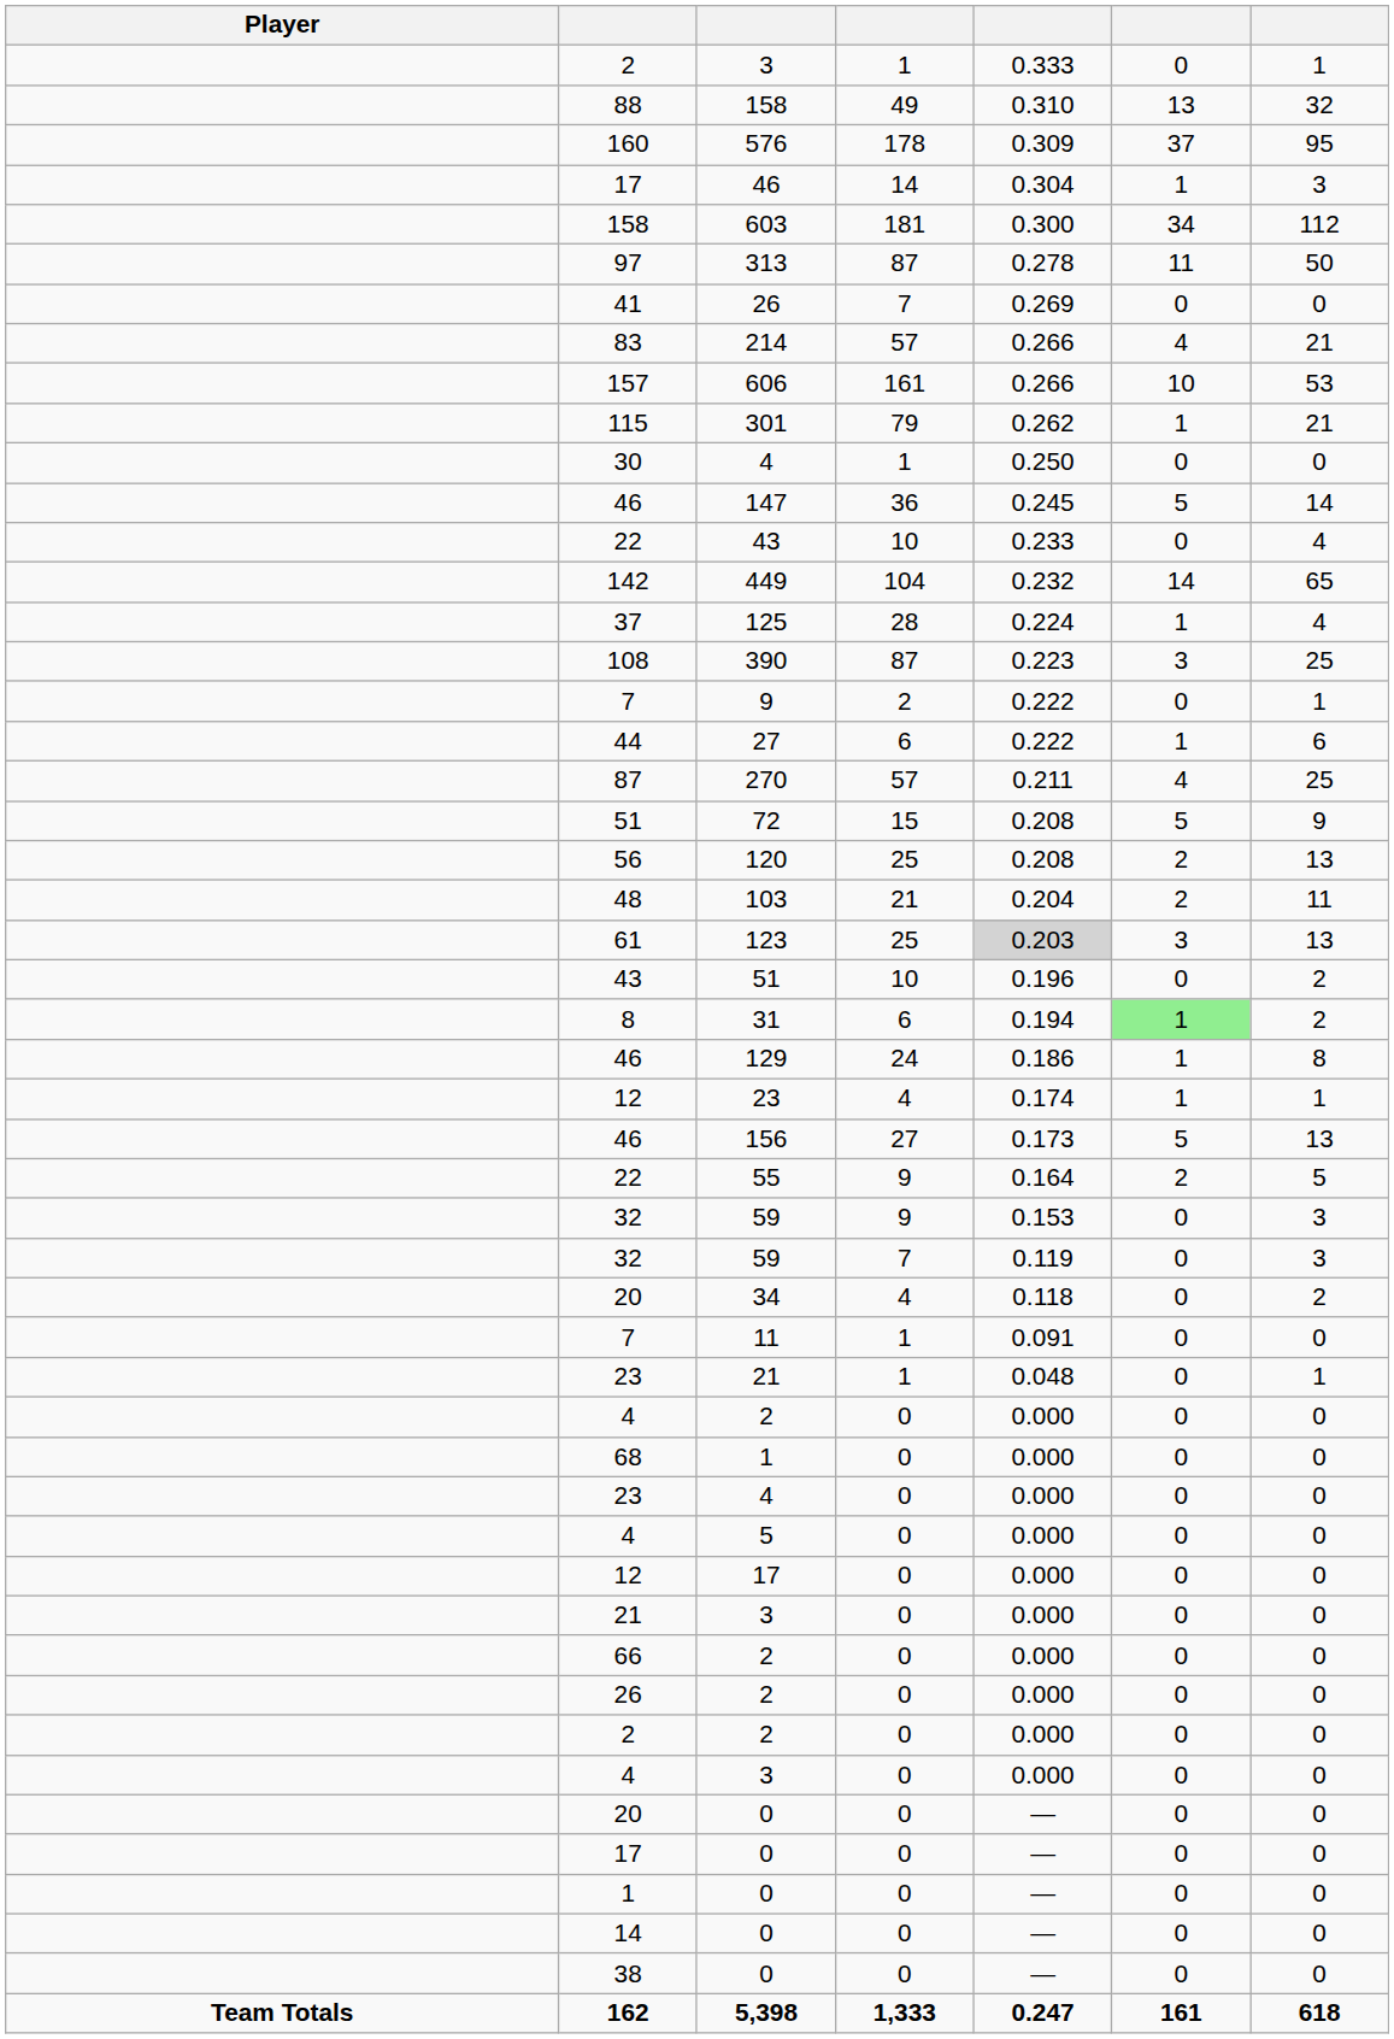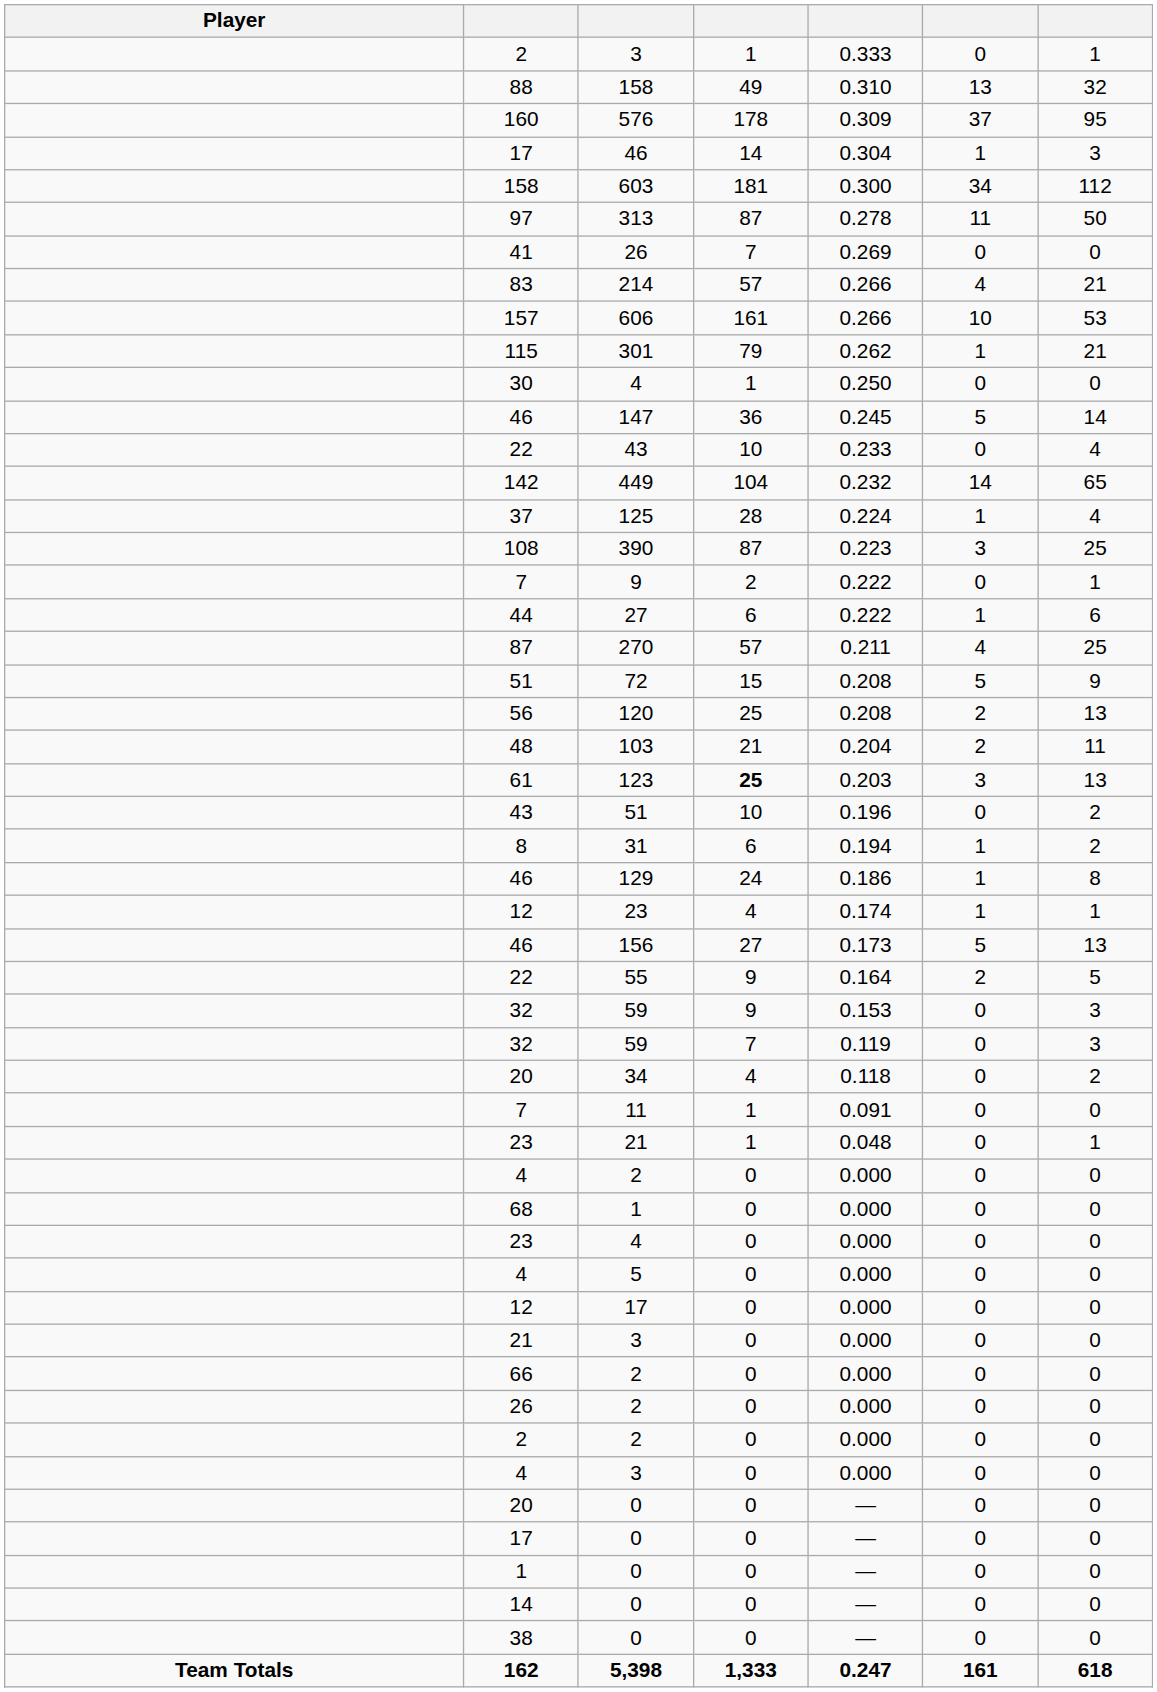 <table class="wikitable sortable" style="text-align:center;" width="100%">
 <tr>
 <th width="40%">Player</th>
 <th width="10%"></th>
 <th width="10%"></th>
 <th width="10%"></th>
 <th width="10%"></th>
 <th width="10%"></th>
 <th width="10%"></th>
 </tr>
 <tr>
 <td></td>
 <td>2</td>
 <td>3</td>
 <td>1</td>
 <td>0.333</td>
 <td>0</td>
 <td>1</td>
 </tr>
 <tr>
 <td></td>
 <td>88</td>
 <td>158</td>
 <td>49</td>
 <td>0.310</td>
 <td>13</td>
 <td>32</td>
 </tr>
 <tr>
 <td></td>
 <td>160</td>
 <td>576</td>
 <td>178</td>
 <td>0.309</td>
 <td>37</td>
 <td>95</td>
 </tr>
 <tr>
 <td></td>
 <td>17</td>
 <td>46</td>
 <td>14</td>
 <td>0.304</td>
 <td>1</td>
 <td>3</td>
 </tr>
 <tr>
 <td></td>
 <td>158</td>
 <td>603</td>
 <td>181</td>
 <td>0.300</td>
 <td>34</td>
 <td>112</td>
 </tr>
 <tr>
 <td></td>
 <td>97</td>
 <td>313</td>
 <td>87</td>
 <td>0.278</td>
 <td>11</td>
 <td>50</td>
 </tr>
 <tr>
 <td></td>
 <td>41</td>
 <td>26</td>
 <td>7</td>
 <td>0.269</td>
 <td>0</td>
 <td>0</td>
 </tr>
 <tr>
 <td></td>
 <td>83</td>
 <td>214</td>
 <td>57</td>
 <td>0.266</td>
 <td>4</td>
 <td>21</td>
 </tr>
 <tr>
 <td></td>
 <td>157</td>
 <td>606</td>
 <td>161</td>
 <td>0.266</td>
 <td>10</td>
 <td>53</td>
 </tr>
 <tr>
 <td></td>
 <td>115</td>
 <td>301</td>
 <td>79</td>
 <td>0.262</td>
 <td>1</td>
 <td>21</td>
 </tr>
 <tr>
 <td></td>
 <td>30</td>
 <td>4</td>
 <td>1</td>
 <td>0.250</td>
 <td>0</td>
 <td>0</td>
 </tr>
 <tr>
 <td></td>
 <td>46</td>
 <td>147</td>
 <td>36</td>
 <td>0.245</td>
 <td>5</td>
 <td>14</td>
 </tr>
 <tr>
 <td></td>
 <td>22</td>
 <td>43</td>
 <td>10</td>
 <td>0.233</td>
 <td>0</td>
 <td>4</td>
 </tr>
 <tr>
 <td></td>
 <td>142</td>
 <td>449</td>
 <td>104</td>
 <td>0.232</td>
 <td>14</td>
 <td>65</td>
 </tr>
 <tr>
 <td></td>
 <td>37</td>
 <td>125</td>
 <td>28</td>
 <td>0.224</td>
 <td>1</td>
 <td>4</td>
 </tr>
 <tr>
 <td></td>
 <td>108</td>
 <td>390</td>
 <td>87</td>
 <td>0.223</td>
 <td>3</td>
 <td>25</td>
 </tr>
 <tr>
 <td></td>
 <td>7</td>
 <td>9</td>
 <td>2</td>
 <td>0.222</td>
 <td>0</td>
 <td>1</td>
 </tr>
 <tr>
 <td></td>
 <td>44</td>
 <td>27</td>
 <td>6</td>
 <td>0.222</td>
 <td>1</td>
 <td>6</td>
 </tr>
 <tr>
 <td></td>
 <td>87</td>
 <td>270</td>
 <td>57</td>
 <td>0.211</td>
 <td>4</td>
 <td>25</td>
 </tr>
 <tr>
 <td></td>
 <td>51</td>
 <td>72</td>
 <td>15</td>
 <td>0.208</td>
 <td>5</td>
 <td>9</td>
 </tr>
 <tr>
 <td></td>
 <td>56</td>
 <td>120</td>
 <td>25</td>
 <td>0.208</td>
 <td>2</td>
 <td>13</td>
 </tr>
 <tr>
 <td></td>
 <td>48</td>
 <td>103</td>
 <td>21</td>
 <td>0.204</td>
 <td>2</td>
 <td>11</td>
 </tr>
 <tr>
 <td></td>
 <td>61</td>
 <td>123</td>
-<td>25</td>
-<td style="background: lightgrey;">0.203</td>
+<td><strong>25</strong></td>
+<td>0.203</td>
 <td>3</td>
 <td>13</td>
 </tr>
 <tr>
 <td></td>
 <td>43</td>
 <td>51</td>
 <td>10</td>
 <td>0.196</td>
 <td>0</td>
 <td>2</td>
 </tr>
 <tr>
 <td></td>
 <td>8</td>
 <td>31</td>
 <td>6</td>
 <td>0.194</td>
-<td style="background: lightgreen;">1</td>
+<td>1</td>
 <td>2</td>
 </tr>
 <tr>
 <td></td>
 <td>46</td>
 <td>129</td>
 <td>24</td>
 <td>0.186</td>
 <td>1</td>
 <td>8</td>
 </tr>
 <tr>
 <td></td>
 <td>12</td>
 <td>23</td>
 <td>4</td>
 <td>0.174</td>
 <td>1</td>
 <td>1</td>
 </tr>
 <tr>
 <td></td>
 <td>46</td>
 <td>156</td>
 <td>27</td>
 <td>0.173</td>
 <td>5</td>
 <td>13</td>
 </tr>
 <tr>
 <td></td>
 <td>22</td>
 <td>55</td>
 <td>9</td>
 <td>0.164</td>
 <td>2</td>
 <td>5</td>
 </tr>
 <tr>
 <td></td>
 <td>32</td>
 <td>59</td>
 <td>9</td>
 <td>0.153</td>
 <td>0</td>
 <td>3</td>
 </tr>
 <tr>
 <td></td>
 <td>32</td>
 <td>59</td>
 <td>7</td>
 <td>0.119</td>
 <td>0</td>
 <td>3</td>
 </tr>
 <tr>
 <td></td>
 <td>20</td>
 <td>34</td>
 <td>4</td>
 <td>0.118</td>
 <td>0</td>
 <td>2</td>
 </tr>
 <tr>
 <td></td>
 <td>7</td>
 <td>11</td>
 <td>1</td>
 <td>0.091</td>
 <td>0</td>
 <td>0</td>
 </tr>
 <tr>
 <td></td>
 <td>23</td>
 <td>21</td>
 <td>1</td>
 <td>0.048</td>
 <td>0</td>
 <td>1</td>
 </tr>
 <tr>
 <td></td>
 <td>4</td>
 <td>2</td>
 <td>0</td>
 <td>0.000</td>
 <td>0</td>
 <td>0</td>
 </tr>
 <tr>
 <td></td>
 <td>68</td>
 <td>1</td>
 <td>0</td>
 <td>0.000</td>
 <td>0</td>
 <td>0</td>
 </tr>
 <tr>
 <td></td>
 <td>23</td>
 <td>4</td>
 <td>0</td>
 <td>0.000</td>
 <td>0</td>
 <td>0</td>
 </tr>
 <tr>
 <td></td>
 <td>4</td>
 <td>5</td>
 <td>0</td>
 <td>0.000</td>
 <td>0</td>
 <td>0</td>
 </tr>
 <tr>
 <td></td>
 <td>12</td>
 <td>17</td>
 <td>0</td>
 <td>0.000</td>
 <td>0</td>
 <td>0</td>
 </tr>
 <tr>
 <td></td>
 <td>21</td>
 <td>3</td>
 <td>0</td>
 <td>0.000</td>
 <td>0</td>
 <td>0</td>
 </tr>
 <tr>
 <td></td>
 <td>66</td>
 <td>2</td>
 <td>0</td>
 <td>0.000</td>
 <td>0</td>
 <td>0</td>
 </tr>
 <tr>
 <td></td>
 <td>26</td>
 <td>2</td>
 <td>0</td>
 <td>0.000</td>
 <td>0</td>
 <td>0</td>
 </tr>
 <tr>
 <td></td>
 <td>2</td>
 <td>2</td>
 <td>0</td>
 <td>0.000</td>
 <td>0</td>
 <td>0</td>
 </tr>
 <tr>
 <td></td>
 <td>4</td>
 <td>3</td>
 <td>0</td>
 <td>0.000</td>
 <td>0</td>
 <td>0</td>
 </tr>
 <tr>
 <td></td>
 <td>20</td>
 <td>0</td>
 <td>0</td>
 <td>—</td>
 <td>0</td>
 <td>0</td>
 </tr>
 <tr>
 <td></td>
 <td>17</td>
 <td>0</td>
 <td>0</td>
 <td>—</td>
 <td>0</td>
 <td>0</td>
 </tr>
 <tr>
 <td></td>
 <td>1</td>
 <td>0</td>
 <td>0</td>
 <td>—</td>
 <td>0</td>
 <td>0</td>
 </tr>
 <tr>
 <td></td>
 <td>14</td>
 <td>0</td>
 <td>0</td>
 <td>—</td>
 <td>0</td>
 <td>0</td>
 </tr>
 <tr>
 <td></td>
 <td>38</td>
 <td>0</td>
 <td>0</td>
 <td>—</td>
 <td>0</td>
 <td>0</td>
 </tr>
 <tr>
 <td><strong>Team Totals</strong></td>
 <td><strong>162</strong></td>
 <td><strong>5,398</strong></td>
 <td><strong>1,333</strong></td>
 <td><strong>0.247</strong></td>
 <td><strong>161</strong></td>
 <td><strong>618</strong></td>
 </tr>
 </table>
